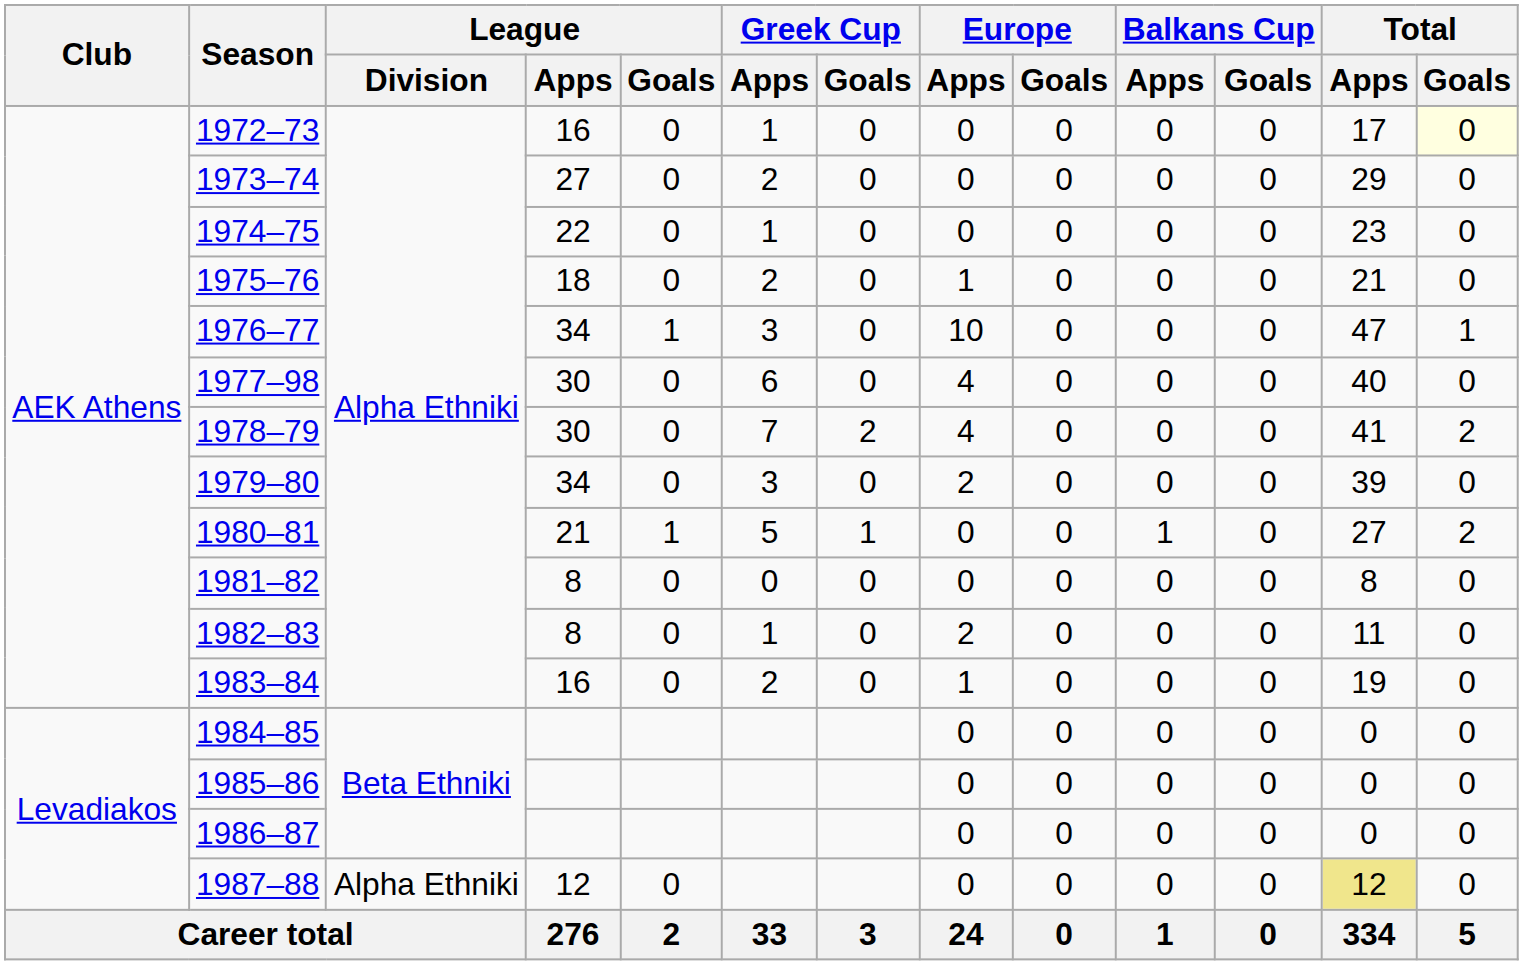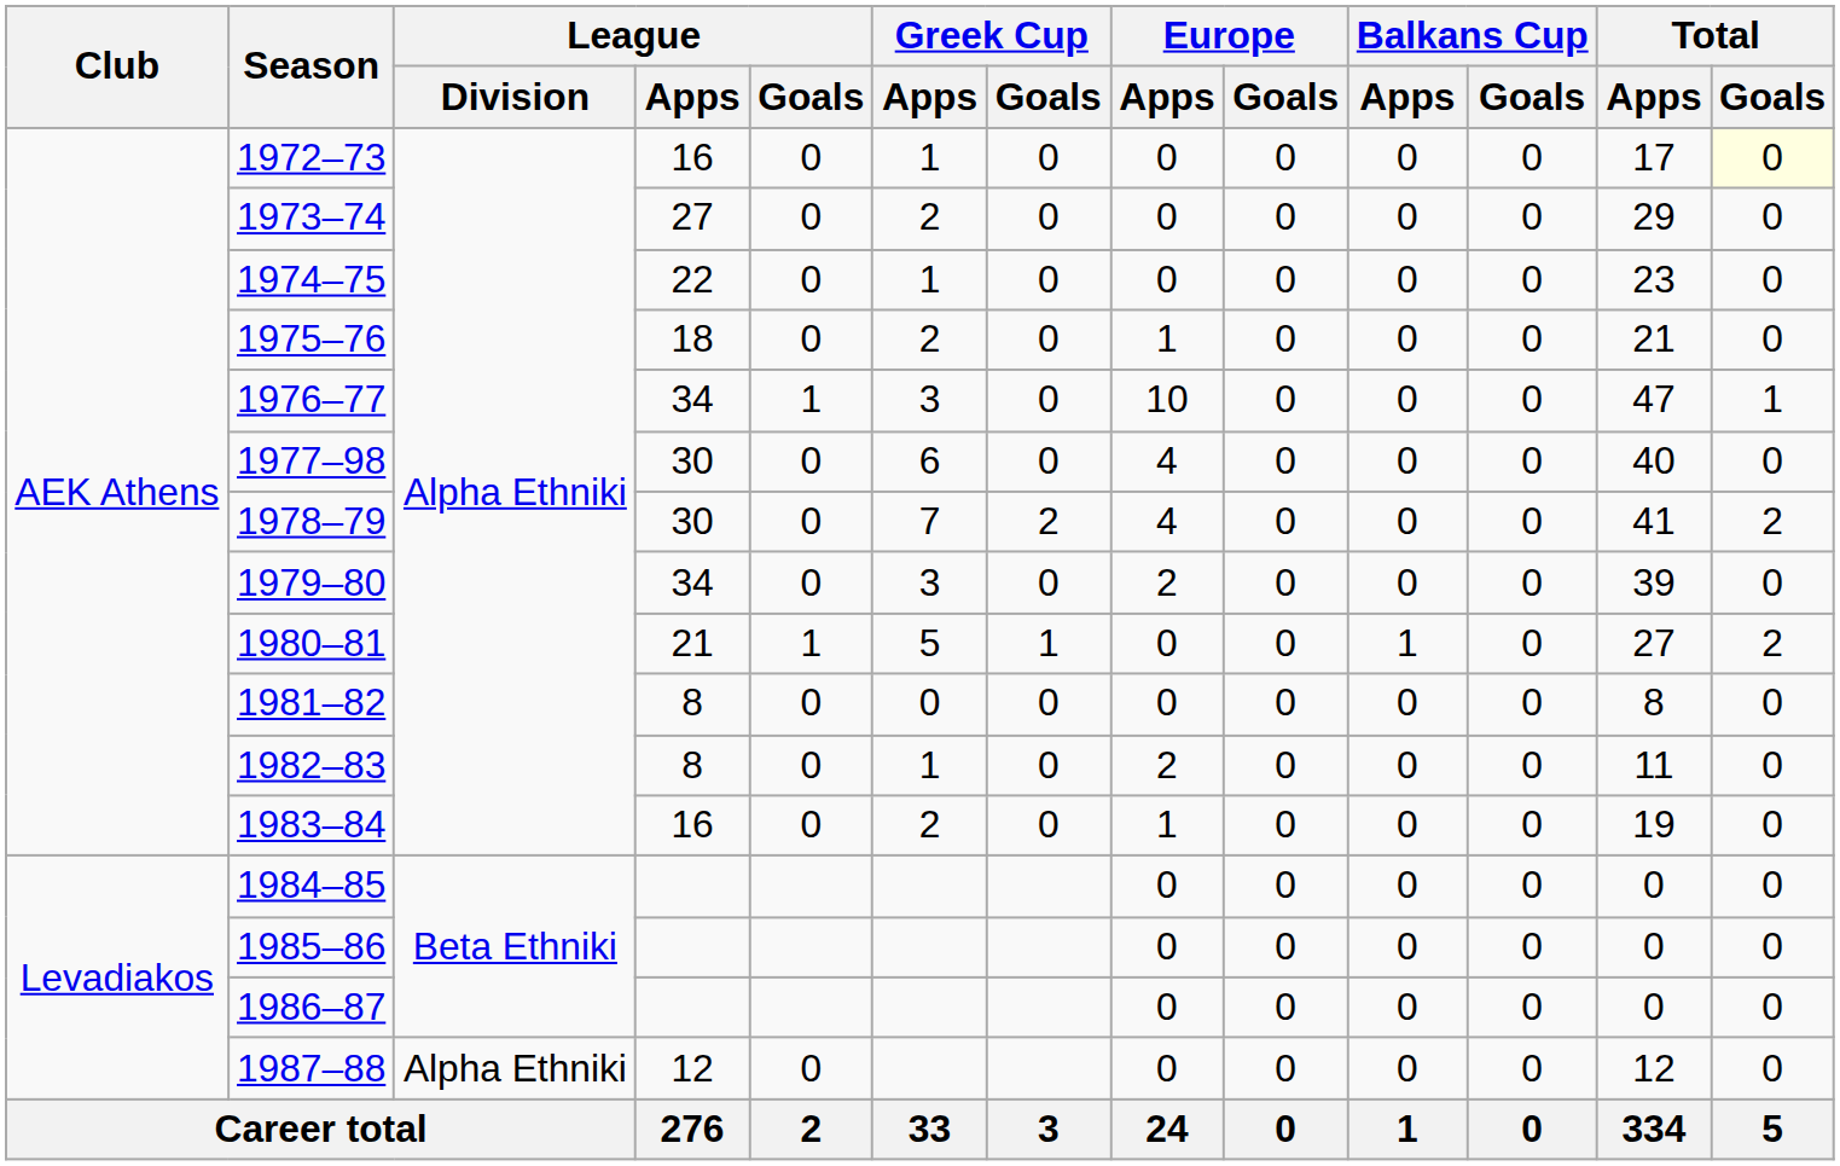 <table class="wikitable" style="text-align:center">
 <tr>
 <th rowspan="2">Club</th>
 <th rowspan="2">Season</th>
 <th colspan="3">League</th>
 <th colspan="2"><a href='#'>Greek Cup</a></th>
 <th colspan="2"><a href='#'>Europe</a></th>
 <th colspan="2"><a href='#'>Balkans Cup</a></th>
 <th colspan="2">Total</th>
 </tr>
 <tr>
 <th>Division</th>
 <th>Apps</th>
 <th>Goals</th>
 <th>Apps</th>
 <th>Goals</th>
 <th>Apps</th>
 <th>Goals</th>
 <th>Apps</th>
 <th>Goals</th>
 <th>Apps</th>
 <th>Goals</th>
 </tr>
 <tr>
 <td rowspan=12><a href='#'>AEK Athens</a></td>
 <td><a href='#'>1972–73</a></td>
 <td rowspan=12><a href='#'>Alpha Ethniki</a></td>
 <td>16</td>
 <td>0</td>
 <td>1</td>
 <td>0</td>
 <td>0</td>
 <td>0</td>
 <td>0</td>
 <td>0</td>
 <td>17</td>
 <td style="background: lightyellow;">0</td>
 </tr>
 <tr>
 <td><a href='#'>1973–74</a></td>
 <td>27</td>
 <td>0</td>
 <td>2</td>
 <td>0</td>
 <td>0</td>
 <td>0</td>
 <td>0</td>
 <td>0</td>
 <td>29</td>
 <td>0</td>
 </tr>
 <tr>
 <td><a href='#'>1974–75</a></td>
 <td>22</td>
 <td>0</td>
 <td>1</td>
 <td>0</td>
 <td>0</td>
 <td>0</td>
 <td>0</td>
 <td>0</td>
 <td>23</td>
 <td>0</td>
 </tr>
 <tr>
 <td><a href='#'>1975–76</a></td>
 <td>18</td>
 <td>0</td>
 <td>2</td>
 <td>0</td>
 <td>1</td>
 <td>0</td>
 <td>0</td>
 <td>0</td>
 <td>21</td>
 <td>0</td>
 </tr>
 <tr>
 <td><a href='#'>1976–77</a></td>
 <td>34</td>
 <td>1</td>
 <td>3</td>
 <td>0</td>
 <td>10</td>
 <td>0</td>
 <td>0</td>
 <td>0</td>
 <td>47</td>
 <td>1</td>
 </tr>
 <tr>
 <td><a href='#'>1977–98</a></td>
 <td>30</td>
 <td>0</td>
 <td>6</td>
 <td>0</td>
 <td>4</td>
 <td>0</td>
 <td>0</td>
 <td>0</td>
 <td>40</td>
 <td>0</td>
 </tr>
 <tr>
 <td><a href='#'>1978–79</a></td>
 <td>30</td>
 <td>0</td>
 <td>7</td>
 <td>2</td>
 <td>4</td>
 <td>0</td>
 <td>0</td>
 <td>0</td>
 <td>41</td>
 <td>2</td>
 </tr>
 <tr>
 <td><a href='#'>1979–80</a></td>
 <td>34</td>
 <td>0</td>
 <td>3</td>
 <td>0</td>
 <td>2</td>
 <td>0</td>
 <td>0</td>
 <td>0</td>
 <td>39</td>
 <td>0</td>
 </tr>
 <tr>
 <td><a href='#'>1980–81</a></td>
 <td>21</td>
 <td>1</td>
 <td>5</td>
 <td>1</td>
 <td>0</td>
 <td>0</td>
 <td>1</td>
 <td>0</td>
 <td>27</td>
 <td>2</td>
 </tr>
 <tr>
 <td><a href='#'>1981–82</a></td>
 <td>8</td>
 <td>0</td>
 <td>0</td>
 <td>0</td>
 <td>0</td>
 <td>0</td>
 <td>0</td>
 <td>0</td>
 <td>8</td>
 <td>0</td>
 </tr>
 <tr>
 <td><a href='#'>1982–83</a></td>
 <td>8</td>
 <td>0</td>
 <td>1</td>
 <td>0</td>
 <td>2</td>
 <td>0</td>
 <td>0</td>
 <td>0</td>
 <td>11</td>
 <td>0</td>
 </tr>
 <tr>
 <td><a href='#'>1983–84</a></td>
 <td>16</td>
 <td>0</td>
 <td>2</td>
 <td>0</td>
 <td>1</td>
 <td>0</td>
 <td>0</td>
 <td>0</td>
 <td>19</td>
 <td>0</td>
 </tr>
 <tr>
 <td rowspan=4><a href='#'>Levadiakos</a></td>
 <td><a href='#'>1984–85</a></td>
 <td rowspan=3><a href='#'>Beta Ethniki</a></td>
 <td></td>
 <td></td>
 <td></td>
 <td></td>
 <td>0</td>
 <td>0</td>
 <td>0</td>
 <td>0</td>
 <td>0</td>
 <td>0</td>
 </tr>
 <tr>
 <td><a href='#'>1985–86</a></td>
 <td></td>
 <td></td>
 <td></td>
 <td></td>
 <td>0</td>
 <td>0</td>
 <td>0</td>
 <td>0</td>
 <td>0</td>
 <td>0</td>
 </tr>
 <tr>
 <td><a href='#'>1986–87</a></td>
 <td></td>
 <td></td>
 <td></td>
 <td></td>
 <td>0</td>
 <td>0</td>
 <td>0</td>
 <td>0</td>
 <td>0</td>
 <td>0</td>
 </tr>
 <tr>
 <td><a href='#'>1987–88</a></td>
 <td>Alpha Ethniki</td>
 <td>12</td>
 <td>0</td>
 <td></td>
 <td></td>
 <td>0</td>
 <td>0</td>
 <td>0</td>
 <td>0</td>
-<td style="background: khaki;">12</td>
+<td>12</td>
 <td>0</td>
 </tr>
 <tr>
 <th colspan="3">Career total</th>
 <th>276</th>
 <th>2</th>
 <th>33</th>
 <th>3</th>
 <th>24</th>
 <th>0</th>
 <th>1</th>
 <th>0</th>
 <th>334</th>
 <th>5</th>
 </tr>
 </table>
